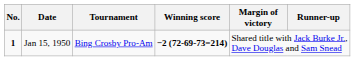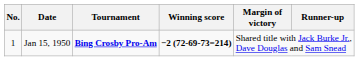 <table class="wikitable" style="font-size:95%;">
 <tr>
 <th>No.</th>
 <th>Date</th>
 <th>Tournament</th>
 <th>Winning score</th>
 <th>Margin of<br>victory</th>
 <th>Runner-up</th>
 </tr>
 <tr>
-<td align=center><strong>1</strong></td>
+<td align=center>1</td>
 <td>Jan 15, 1950</td>
-<td><a href='#'>Bing Crosby Pro-Am</a></td>
+<td><strong><a href='#'>Bing Crosby Pro-Am</a></strong></td>
 <td><strong>−2 (72-69-73=214)</strong></td>
 <td colspan=2>Shared title with  <a href='#'>Jack Burke Jr.</a>,<br> <a href='#'>Dave Douglas</a> and  <a href='#'>Sam Snead</a></td>
 </tr>
 </table>
